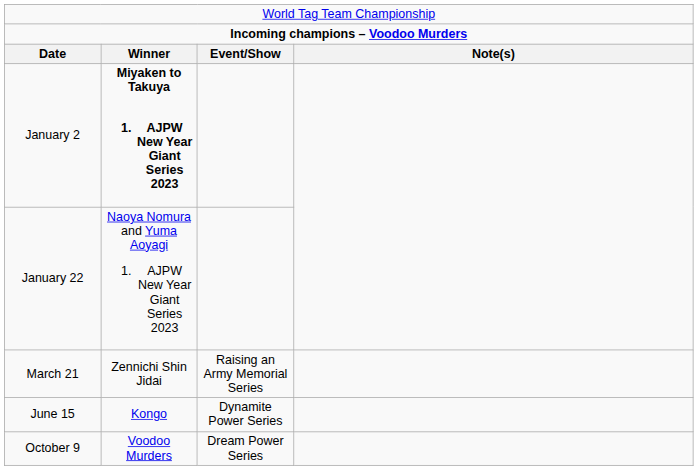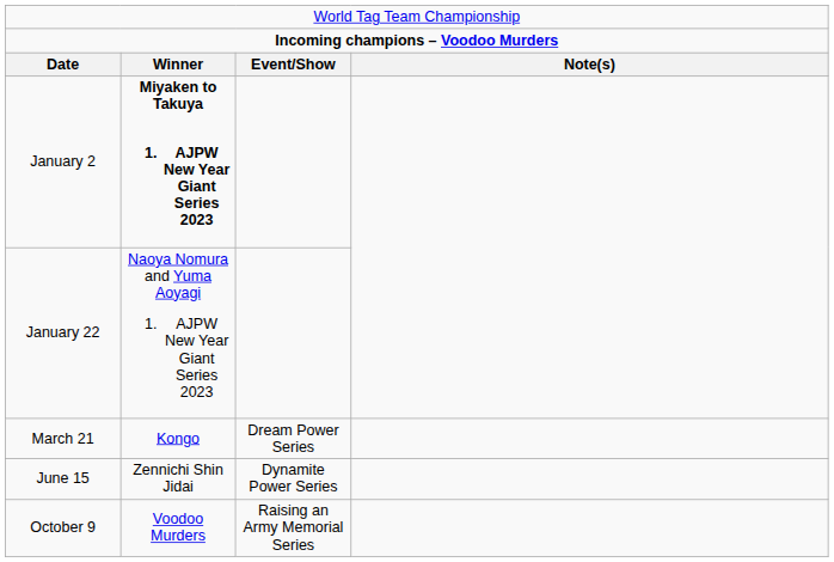 <table class="wikitable" style="text-align:center; width:100%;">
 <tr>
 <td colspan="5" style="text-align: center;"><a href='#'>World Tag Team Championship</a></td>
 </tr>
 <tr>
 <td colspan="5" style="text-align: center;"><strong>Incoming champions – <a href='#'>Voodoo Murders</a> </strong></td>
 </tr>
 <tr>
 <th width=14%>Date</th>
 <th width=14%>Winner</th>
 <th width=14%>Event/Show</th>
 <th width=58%>Note(s)</th>
 </tr>
 <tr>
 <td>January 2</td>
 <td><strong>Miyaken to Takuya<br><br><ol><li>AJPW New Year Giant Series 2023<br></li></ol></strong></td>
 <td></td>
 </tr>
 <tr>
 <td>January 22</td>
 <td><a href='#'>Naoya Nomura</a> and <a href='#'>Yuma Aoyagi</a><br><ol><li>AJPW New Year Giant Series 2023<br></li></ol></td>
 <td></td>
 </tr>
 <tr>
 <td>March 21</td>
-<td>Zennichi Shin Jidai<br></td>
-<td>Raising an Army Memorial Series<br></td>
+<td><a href='#'>Kongo</a><br></td>
+<td>Dream Power Series<br></td>
 <td></td>
 </tr>
 <tr>
 <td>June 15</td>
-<td><a href='#'>Kongo</a><br></td>
+<td>Zennichi Shin Jidai<br></td>
 <td>Dynamite Power Series</td>
 <td></td>
 </tr>
 <tr>
 <td>October 9</td>
 <td><a href='#'>Voodoo Murders</a><br></td>
-<td>Dream Power Series<br></td>
+<td>Raising an Army Memorial Series<br></td>
 <td></td>
 </tr>
 </table>
